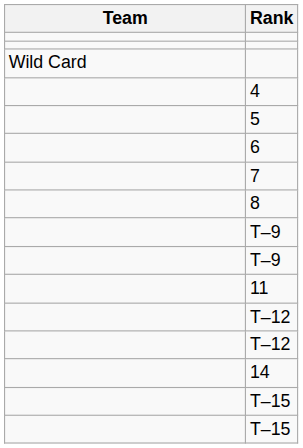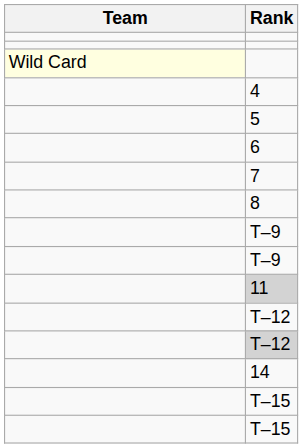 <table class="wikitable">
 <tr>
 <th width=210>Team</th>
 <th width=15>Rank</th>
 </tr>
 <tr>
 <td></td>
 <td></td>
 </tr>
 <tr>
 <td></td>
 <td></td>
 </tr>
 <tr>
-<td> Wild Card</td>
+<td style="background: lightyellow;"> Wild Card</td>
 <td></td>
 </tr>
 <tr>
 <td></td>
 <td>4</td>
 </tr>
 <tr>
 <td></td>
 <td>5</td>
 </tr>
 <tr>
 <td></td>
 <td>6</td>
 </tr>
 <tr>
 <td></td>
 <td>7</td>
 </tr>
 <tr>
 <td></td>
 <td>8</td>
 </tr>
 <tr>
 <td></td>
 <td>T–9</td>
 </tr>
 <tr>
 <td></td>
 <td>T–9</td>
 </tr>
 <tr>
 <td></td>
-<td>11</td>
+<td style="background: lightgrey;">11</td>
 </tr>
 <tr>
 <td></td>
 <td>T–12</td>
 </tr>
 <tr>
 <td></td>
-<td>T–12</td>
+<td style="background: lightgrey;">T–12</td>
 </tr>
 <tr>
 <td></td>
 <td>14</td>
 </tr>
 <tr>
 <td></td>
 <td>T–15</td>
 </tr>
 <tr>
 <td></td>
 <td>T–15</td>
 </tr>
 </table>
